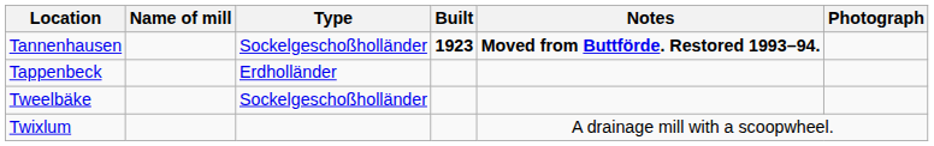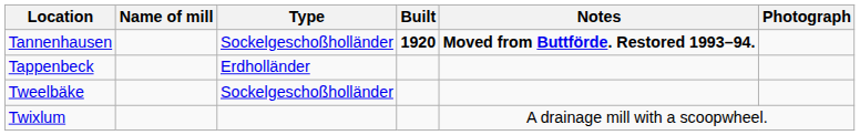 <table class="wikitable sortable">
 <tr>
 <th>Location</th>
 <th>Name of mill</th>
 <th>Type</th>
 <th>Built</th>
 <th class="unsortable">Notes</th>
 <th class="unsortable">Photograph</th>
 </tr>
 <tr>
 <td><a href='#'>Tannenhausen</a></td>
 <td></td>
 <td><a href='#'>Sockelgeschoß­holländer</a></td>
-<td><strong>1923</strong></td>
+<td><strong>1920</strong></td>
 <td><strong>Moved from <a href='#'>Buttförde</a>. Restored 1993–94.</strong></td>
 <td></td>
 </tr>
 <tr>
 <td><a href='#'>Tappenbeck</a></td>
 <td></td>
 <td><a href='#'>Erdholländer</a></td>
 <td></td>
 <td></td>
 <td></td>
 </tr>
 <tr>
 <td><a href='#'>Tweelbäke</a></td>
 <td></td>
 <td><a href='#'>Sockelgeschoß­holländer</a></td>
 <td></td>
 <td></td>
 <td></td>
 </tr>
 <tr>
 <td><a href='#'>Twixlum</a></td>
 <td></td>
 <td></td>
 <td></td>
 <td colspan="2" style="text-align:center;">A drainage mill with a scoopwheel.</td>
 </tr>
 </table>
